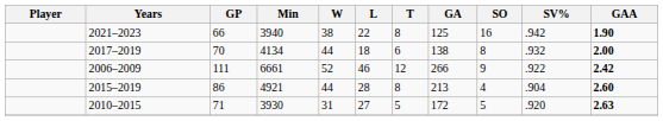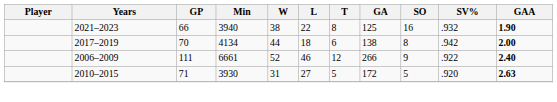 <table class="wikitable sortable" width = 900>
 <tr>
 <th>Player</th>
 <th>Years</th>
 <th>GP</th>
 <th>Min</th>
 <th>W</th>
 <th>L</th>
 <th>T</th>
 <th>GA</th>
 <th>SO</th>
 <th>SV%</th>
 <th>GAA</th>
 </tr>
 <tr>
 <td></td>
 <td>2021–2023</td>
 <td>66</td>
 <td>3940</td>
 <td>38</td>
 <td>22</td>
 <td>8</td>
 <td>125</td>
 <td>16</td>
-<td>.942</td>
+<td>.932</td>
 <td><strong>1.90</strong></td>
 </tr>
 <tr>
 <td></td>
 <td>2017–2019</td>
 <td>70</td>
 <td>4134</td>
 <td>44</td>
 <td>18</td>
 <td>6</td>
 <td>138</td>
 <td>8</td>
-<td>.932</td>
+<td>.942</td>
 <td><strong>2.00</strong></td>
 </tr>
 <tr>
 <td></td>
 <td>2006–2009</td>
 <td>111</td>
 <td>6661</td>
 <td>52</td>
 <td>46</td>
 <td>12</td>
 <td>266</td>
 <td>9</td>
 <td>.922</td>
-<td><strong>2.42</strong></td>
-</tr>
-<tr>
-<td></td>
-<td>2015–2019</td>
-<td>86</td>
-<td>4921</td>
-<td>44</td>
-<td>28</td>
-<td>8</td>
-<td>213</td>
-<td>4</td>
-<td>.904</td>
-<td><strong>2.60</strong></td>
+<td><strong>2.40</strong></td>
 </tr>
 <tr>
 <td></td>
 <td>2010–2015</td>
 <td>71</td>
 <td>3930</td>
 <td>31</td>
 <td>27</td>
 <td>5</td>
 <td>172</td>
 <td>5</td>
 <td>.920</td>
 <td><strong>2.63</strong></td>
 </tr>
 <tr>
 </tr>
 </table>
